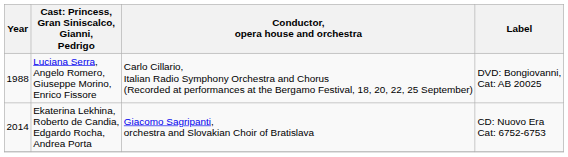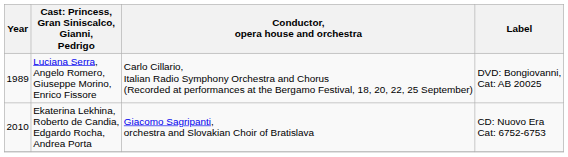 <table class="wikitable">
 <tr>
 <th>Year</th>
 <th>Cast: Princess,<br>Gran Siniscalco,<br>Gianni,<br>Pedrigo</th>
 <th>Conductor,<br>opera house and orchestra</th>
 <th>Label</th>
 </tr>
 <tr>
-<td>1988</td>
+<td>1989</td>
 <td><a href='#'>Luciana Serra</a>,<br>Angelo Romero,<br>Giuseppe Morino,<br>Enrico Fissore</td>
 <td>Carlo Cillario,<br>Italian Radio Symphony Orchestra and Chorus<br>(Recorded at performances at the Bergamo Festival, 18, 20, 22, 25 September)</td>
 <td>DVD: Bongiovanni,<br>Cat: AB 20025</td>
 </tr>
 <tr>
-<td>2014</td>
+<td>2010</td>
 <td>Ekaterina Lekhina,<br>Roberto de Candia,<br>Edgardo Rocha,<br>Andrea Porta</td>
 <td><a href='#'>Giacomo Sagripanti</a>,<br>orchestra and Slovakian Choir of Bratislava</td>
 <td>CD: Nuovo Era<br>Cat: 6752-6753</td>
 </tr>
 <tr>
 </tr>
 </table>
